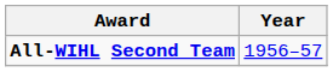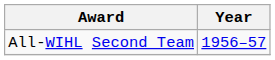 <table class="wikitable">
 <tr>
 <th>Award</th>
 <th>Year</th>
 </tr>
 <tr>
-<td><strong>All-<a href='#'>WIHL</a> <a href='#'>Second Team</a></strong></td>
+<td>All-<a href='#'>WIHL</a> <a href='#'>Second Team</a></td>
 <td><a href='#'>1956–57</a></td>
 </tr>
 <tr>
 </tr>
 </table>
